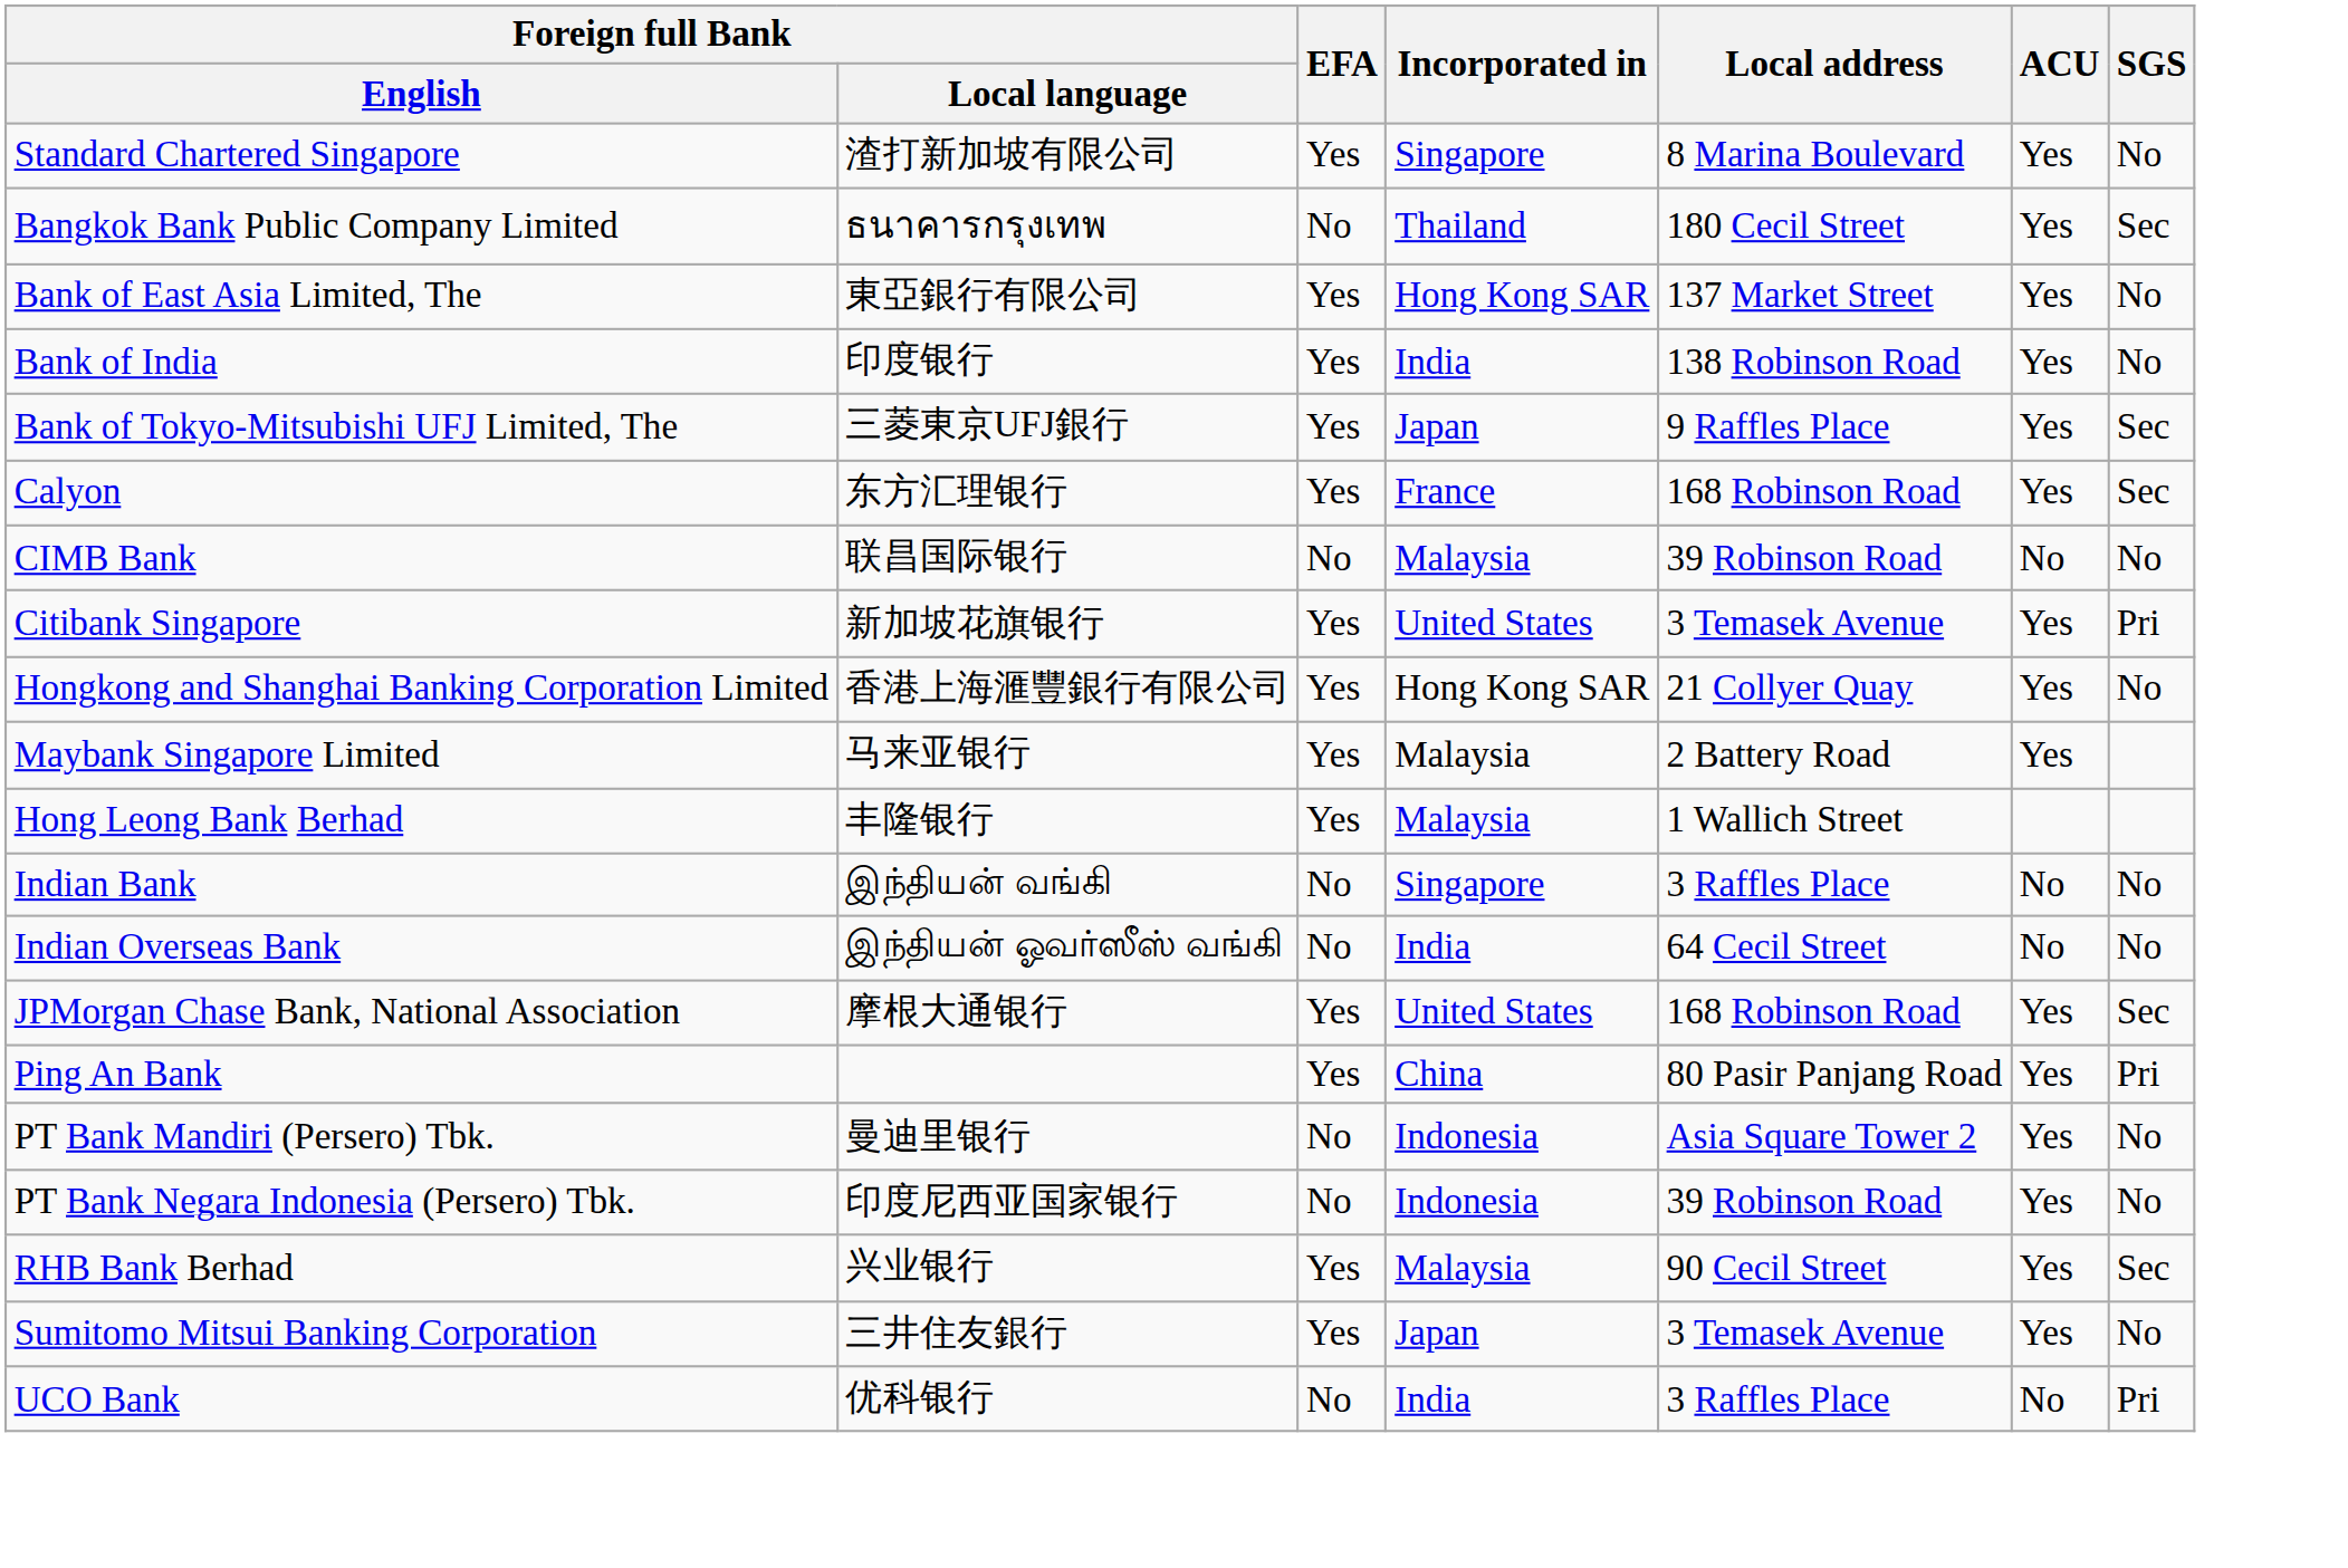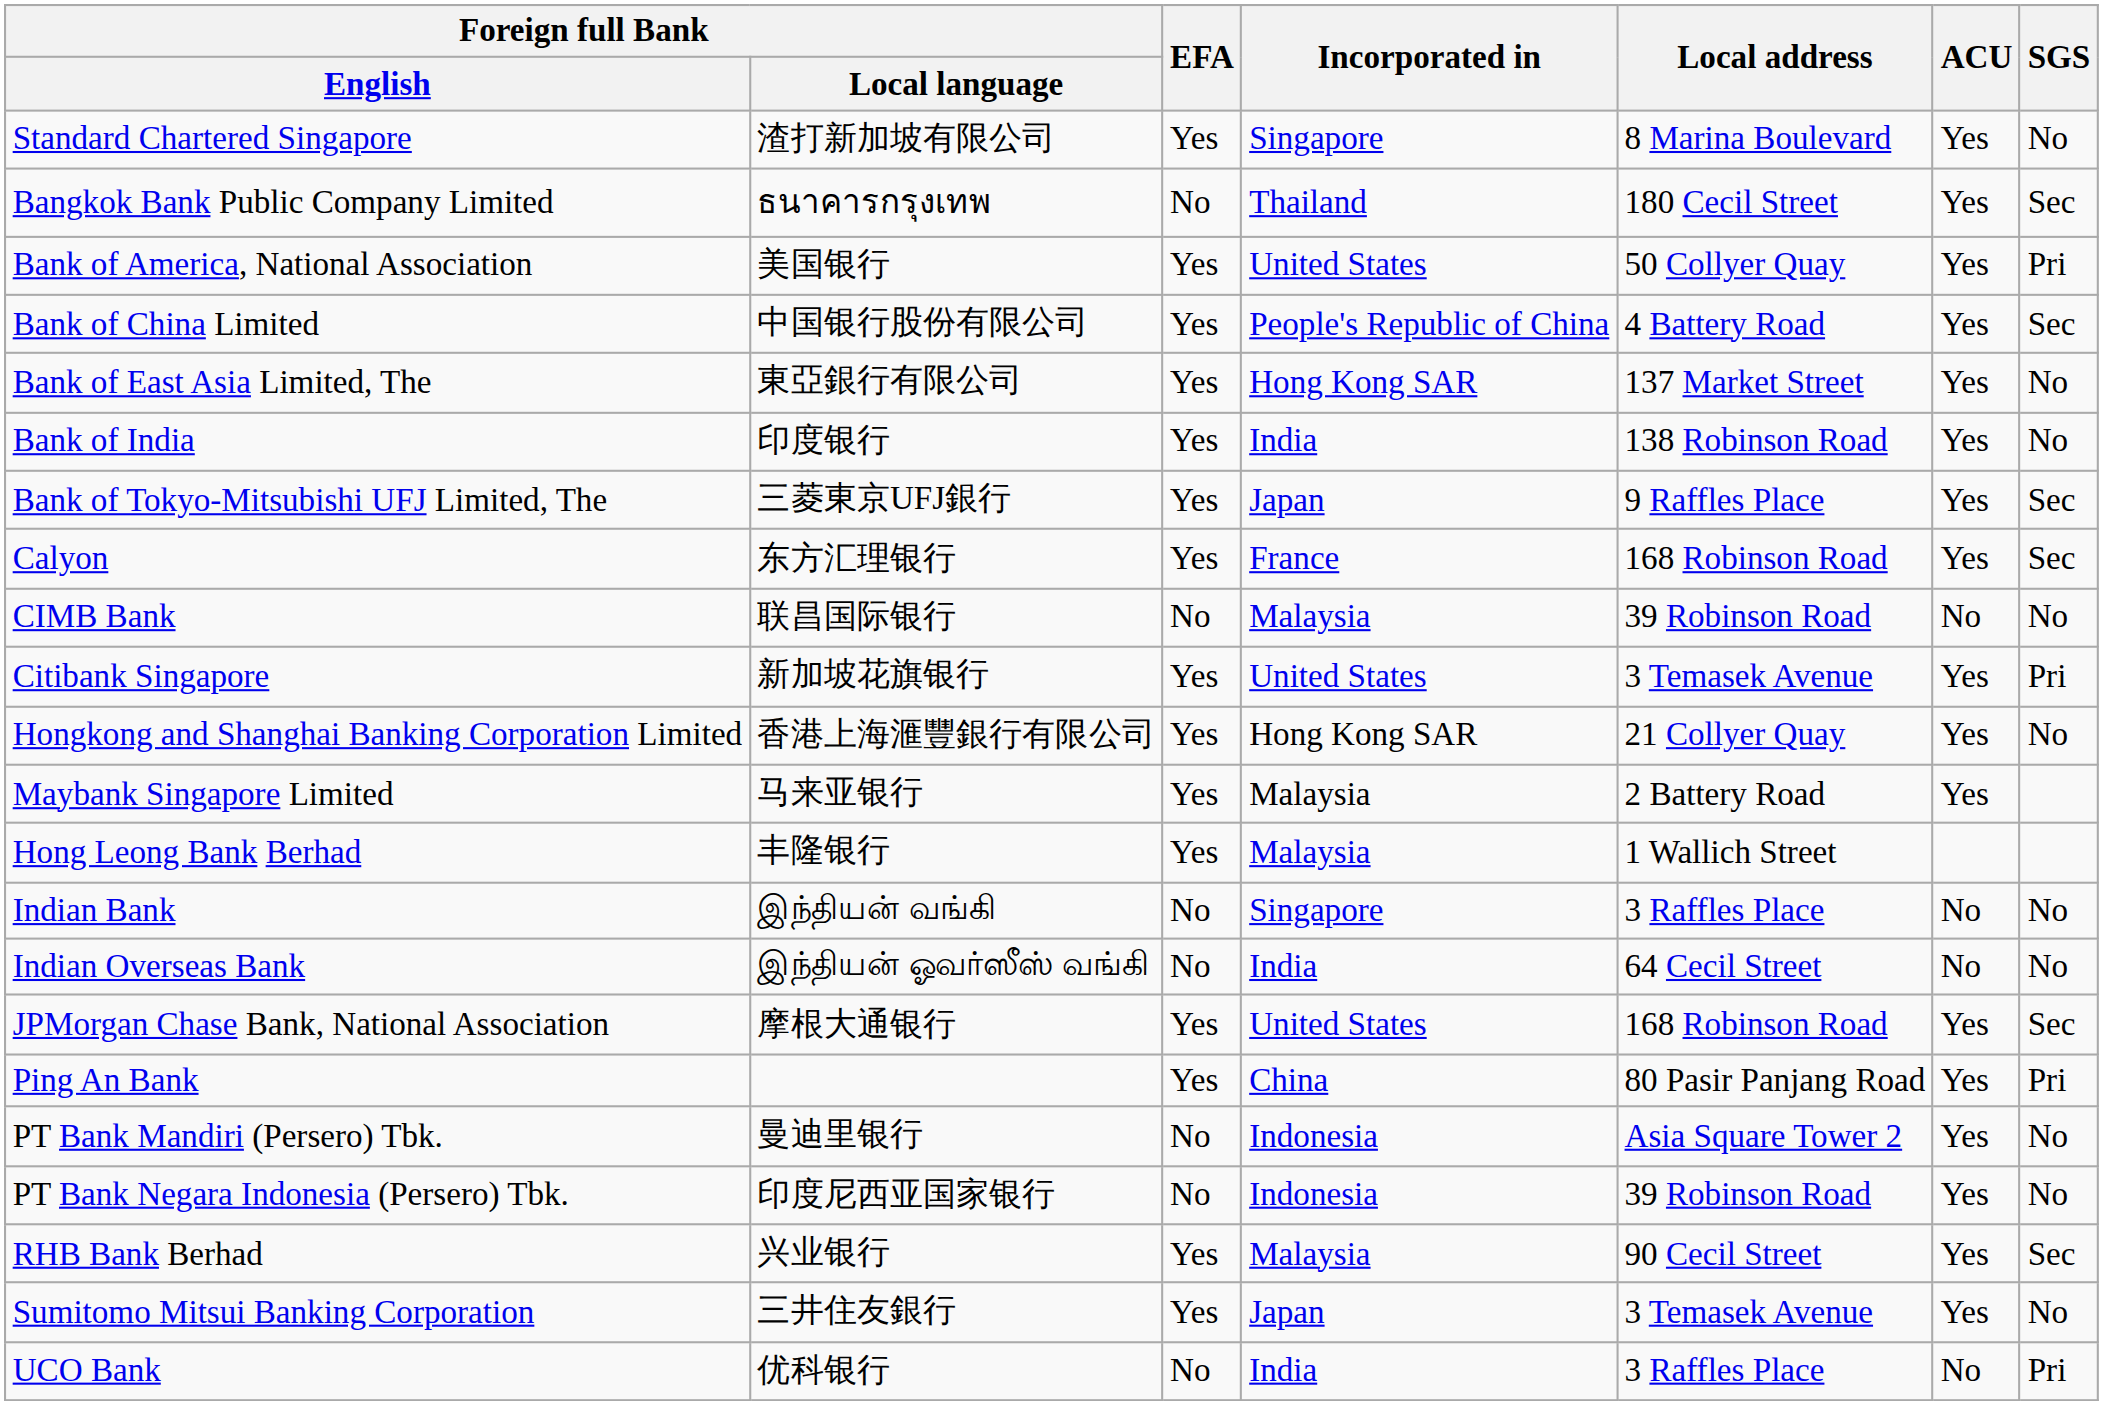 <table class="wikitable">
 <tr>
 <th colspan="2">Foreign full Bank</th>
 <th rowspan="2">EFA</th>
 <th rowspan="2">Incorporated in</th>
 <th rowspan="2">Local address</th>
 <th rowspan="2">ACU</th>
 <th rowspan="2">SGS</th>
 </tr>
 <tr>
 <th><a href='#'>English</a></th>
 <th>Local language</th>
 </tr>
 <tr>
 <td><a href='#'>Standard Chartered Singapore</a></td>
 <td>渣打新加坡有限公司</td>
 <td>Yes</td>
 <td><a href='#'>Singapore</a></td>
 <td>8 <a href='#'>Marina Boulevard</a></td>
 <td>Yes</td>
 <td>No</td>
 </tr>
 <tr>
 <td><a href='#'>Bangkok Bank</a> Public Company Limited</td>
 <td>ธนาคารกรุงเทพ</td>
 <td>No</td>
 <td><a href='#'>Thailand</a></td>
 <td>180 <a href='#'>Cecil Street</a></td>
+<td>Yes</td>
+<td>Sec</td>
+</tr>
+<tr>
+<td><a href='#'>Bank of America</a>, National Association</td>
+<td>美国银行</td>
+<td>Yes</td>
+<td><a href='#'>United States</a></td>
+<td>50 <a href='#'>Collyer Quay</a></td>
+<td>Yes</td>
+<td>Pri</td>
+</tr>
+<tr>
+<td><a href='#'>Bank of China</a> Limited</td>
+<td>中国银行股份有限公司</td>
+<td>Yes</td>
+<td><a href='#'>People's Republic of China</a></td>
+<td>4 <a href='#'>Battery Road</a></td>
 <td>Yes</td>
 <td>Sec</td>
 </tr>
 <tr>
 <td><a href='#'>Bank of East Asia</a> Limited, The</td>
 <td>東亞銀行有限公司</td>
 <td>Yes</td>
 <td><a href='#'>Hong Kong SAR</a></td>
 <td>137 <a href='#'>Market Street</a></td>
 <td>Yes</td>
 <td>No</td>
 </tr>
 <tr>
 <td><a href='#'>Bank of India</a></td>
 <td>印度银行</td>
 <td>Yes</td>
 <td><a href='#'>India</a></td>
 <td>138 <a href='#'>Robinson Road</a></td>
 <td>Yes</td>
 <td>No</td>
 </tr>
 <tr>
 <td><a href='#'>Bank of Tokyo-Mitsubishi UFJ</a> Limited, The</td>
 <td>三菱東京UFJ銀行</td>
 <td>Yes</td>
 <td><a href='#'>Japan</a></td>
 <td>9 <a href='#'>Raffles Place</a></td>
 <td>Yes</td>
 <td>Sec</td>
 </tr>
 <tr>
 <td><a href='#'>Calyon</a></td>
 <td>东方汇理银行</td>
 <td>Yes</td>
 <td><a href='#'>France</a></td>
 <td>168 <a href='#'>Robinson Road</a></td>
 <td>Yes</td>
 <td>Sec</td>
 </tr>
 <tr>
 <td><a href='#'>CIMB Bank</a></td>
 <td>联昌国际银行</td>
 <td>No</td>
 <td><a href='#'>Malaysia</a></td>
 <td>39 <a href='#'>Robinson Road</a></td>
 <td>No</td>
 <td>No</td>
 </tr>
 <tr>
 <td><a href='#'>Citibank Singapore</a></td>
 <td>新加坡花旗银行</td>
 <td>Yes</td>
 <td><a href='#'>United States</a></td>
 <td>3 <a href='#'>Temasek Avenue</a></td>
 <td>Yes</td>
 <td>Pri</td>
 </tr>
 <tr>
 <td><a href='#'>Hongkong and Shanghai Banking Corporation</a> Limited</td>
 <td>香港上海滙豐銀行有限公司</td>
 <td>Yes</td>
 <td>Hong Kong SAR</td>
 <td>21 <a href='#'>Collyer Quay</a></td>
 <td>Yes</td>
 <td>No</td>
 </tr>
 <tr>
 <td><a href='#'>Maybank Singapore</a> Limited</td>
 <td>马来亚银行</td>
 <td>Yes</td>
 <td>Malaysia</td>
 <td>2 Battery Road</td>
 <td>Yes</td>
 <td></td>
 </tr>
 <tr>
 <td><a href='#'>Hong Leong Bank</a> <a href='#'>Berhad</a></td>
 <td>丰隆银行</td>
 <td>Yes</td>
 <td><a href='#'>Malaysia</a></td>
 <td>1 Wallich Street</td>
 <td></td>
 <td></td>
 </tr>
 <tr>
 <td><a href='#'>Indian Bank</a></td>
 <td>இந்தியன் வங்கி</td>
 <td>No</td>
 <td><a href='#'>Singapore</a></td>
 <td>3 <a href='#'>Raffles Place</a></td>
 <td>No</td>
 <td>No</td>
 </tr>
 <tr>
 <td><a href='#'>Indian Overseas Bank</a></td>
 <td>இந்தியன் ஓவர்‌ஸீஸ் வங்கி</td>
 <td>No</td>
 <td><a href='#'>India</a></td>
 <td>64 <a href='#'>Cecil Street</a></td>
 <td>No</td>
 <td>No</td>
 </tr>
 <tr>
 <td><a href='#'>JPMorgan Chase</a> Bank, National Association</td>
 <td>摩根大通银行</td>
 <td>Yes</td>
 <td><a href='#'>United States</a></td>
 <td>168 <a href='#'>Robinson Road</a></td>
 <td>Yes</td>
 <td>Sec</td>
 </tr>
 <tr>
 <td><a href='#'>Ping An Bank</a></td>
 <td></td>
 <td>Yes</td>
 <td><a href='#'>China</a></td>
 <td>80 Pasir Panjang Road</td>
 <td>Yes</td>
 <td>Pri</td>
 </tr>
 <tr>
 <td>PT <a href='#'>Bank Mandiri</a> (Persero) Tbk.</td>
 <td>曼迪里银行</td>
 <td>No</td>
 <td><a href='#'>Indonesia</a></td>
 <td><a href='#'>Asia Square Tower 2</a></td>
 <td>Yes</td>
 <td>No</td>
 </tr>
 <tr>
 <td>PT <a href='#'>Bank Negara Indonesia</a> (Persero) Tbk.</td>
 <td>印度尼西亚国家银行</td>
 <td>No</td>
 <td><a href='#'>Indonesia</a></td>
 <td>39 <a href='#'>Robinson Road</a></td>
 <td>Yes</td>
 <td>No</td>
 </tr>
 <tr>
 <td><a href='#'>RHB Bank</a> Berhad</td>
 <td>兴业银行</td>
 <td>Yes</td>
 <td><a href='#'>Malaysia</a></td>
 <td>90 <a href='#'>Cecil Street</a></td>
 <td>Yes</td>
 <td>Sec</td>
 </tr>
 <tr>
 <td><a href='#'>Sumitomo Mitsui Banking Corporation</a></td>
 <td>三井住友銀行</td>
 <td>Yes</td>
 <td><a href='#'>Japan</a></td>
 <td>3 <a href='#'>Temasek Avenue</a></td>
 <td>Yes</td>
 <td>No</td>
 </tr>
 <tr>
 <td><a href='#'>UCO Bank</a></td>
 <td>优科银行</td>
 <td>No</td>
 <td><a href='#'>India</a></td>
 <td>3 <a href='#'>Raffles Place</a></td>
 <td>No</td>
 <td>Pri</td>
 </tr>
 </table>
